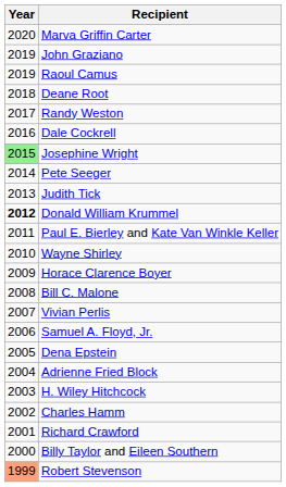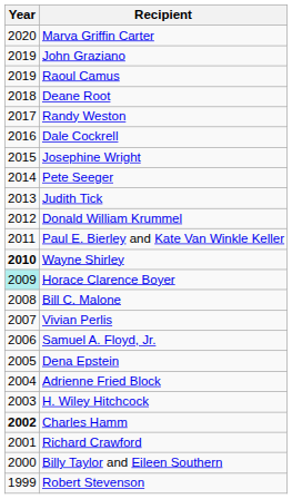 <table class="wikitable sortable">
 <tr>
 <th>Year</th>
 <th>Recipient</th>
 </tr>
 <tr>
 <td>2020</td>
 <td><a href='#'>Marva Griffin Carter</a></td>
 </tr>
 <tr>
 <td>2019</td>
 <td><a href='#'>John Graziano</a></td>
 </tr>
 <tr>
 <td>2019</td>
 <td><a href='#'>Raoul Camus</a></td>
 </tr>
 <tr>
 <td>2018</td>
 <td><a href='#'>Deane Root</a></td>
 </tr>
 <tr>
 <td>2017</td>
 <td><a href='#'>Randy Weston</a></td>
 </tr>
 <tr>
 <td>2016</td>
 <td><a href='#'>Dale Cockrell</a></td>
 </tr>
 <tr>
-<td style="background: lightgreen;">2015</td>
+<td>2015</td>
 <td><a href='#'>Josephine Wright</a></td>
 </tr>
 <tr>
 <td>2014</td>
 <td><a href='#'>Pete Seeger</a></td>
 </tr>
 <tr>
 <td>2013</td>
 <td><a href='#'>Judith Tick</a></td>
 </tr>
 <tr>
-<td><strong>2012</strong></td>
+<td>2012</td>
 <td><a href='#'>Donald William Krummel</a></td>
 </tr>
 <tr>
 <td>2011</td>
 <td><a href='#'>Paul E. Bierley</a> and <a href='#'>Kate Van Winkle Keller</a></td>
 </tr>
 <tr>
-<td>2010</td>
+<td><strong>2010</strong></td>
 <td><a href='#'>Wayne Shirley</a></td>
 </tr>
 <tr>
-<td>2009</td>
+<td style="background: paleturquoise;">2009</td>
 <td><a href='#'>Horace Clarence Boyer</a></td>
 </tr>
 <tr>
 <td>2008</td>
 <td><a href='#'>Bill C. Malone</a></td>
 </tr>
 <tr>
 <td>2007</td>
 <td><a href='#'>Vivian Perlis</a></td>
 </tr>
 <tr>
 <td>2006</td>
 <td><a href='#'>Samuel A. Floyd, Jr.</a></td>
 </tr>
 <tr>
 <td>2005</td>
 <td><a href='#'>Dena Epstein</a></td>
 </tr>
 <tr>
 <td>2004</td>
 <td><a href='#'>Adrienne Fried Block</a></td>
 </tr>
 <tr>
 <td>2003</td>
 <td><a href='#'>H. Wiley Hitchcock</a></td>
 </tr>
 <tr>
-<td>2002</td>
+<td><strong>2002</strong></td>
 <td><a href='#'>Charles Hamm</a></td>
 </tr>
 <tr>
 <td>2001</td>
 <td><a href='#'>Richard Crawford</a></td>
 </tr>
 <tr>
 <td>2000</td>
 <td><a href='#'>Billy Taylor</a> and <a href='#'>Eileen Southern</a></td>
 </tr>
 <tr>
-<td style="background: lightsalmon;">1999</td>
+<td>1999</td>
 <td><a href='#'>Robert Stevenson</a></td>
 </tr>
 </table>
